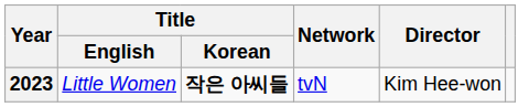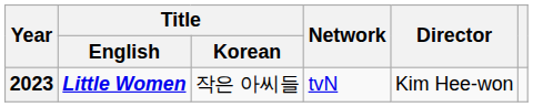 <table class="wikitable plainrowheaders">
 <tr>
 <th rowspan="2">Year</th>
 <th colspan="2">Title</th>
 <th rowspan="2">Network</th>
 <th rowspan="2">Director</th>
 <th rowspan="2" class="unsortable"></th>
 </tr>
 <tr>
 <th>English</th>
 <th>Korean</th>
 </tr>
 <tr>
 <th scope="row">2023</th>
-<td><a href='#'><em>Little Women</em></a></td>
-<td><strong>작은 아씨들</strong></td>
+<td><strong><a href='#'><em>Little Women</em></a></strong></td>
+<td>작은 아씨들</td>
 <td><a href='#'>tvN</a></td>
 <td>Kim Hee-won</td>
 <td></td>
 </tr>
 </table>
